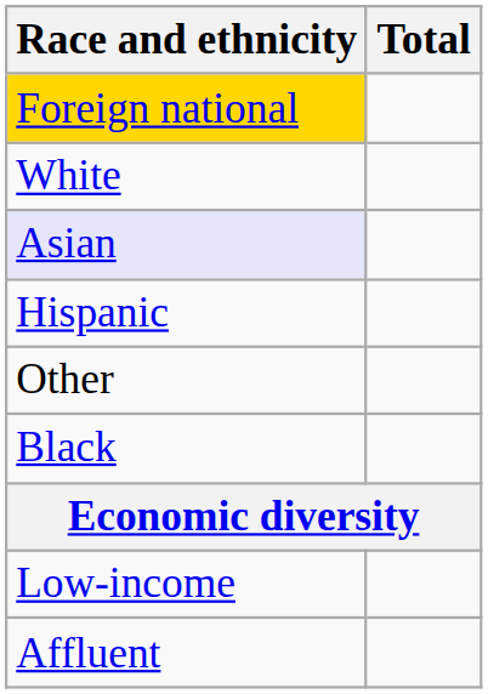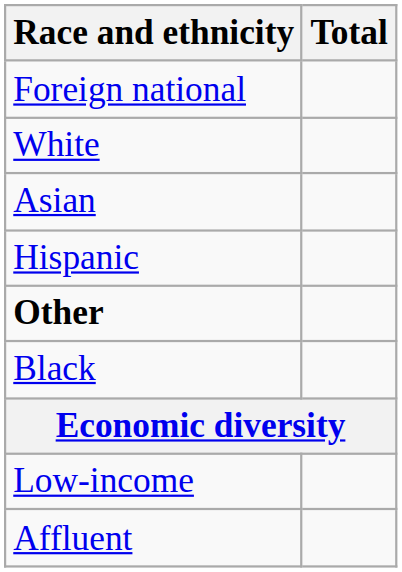 <table class="wikitable floatright sortable collapsible"; text-align:right; font-size:80%;">
 <tr>
 <th>Race and ethnicity</th>
 <th colspan="2" data-sort-type=number>Total</th>
 </tr>
 <tr>
-<td style="background: gold;"><a href='#'>Foreign national</a></td>
+<td><a href='#'>Foreign national</a></td>
 <td align=right></td>
 </tr>
 <tr>
 <td><a href='#'>White</a></td>
 <td align=right></td>
 </tr>
 <tr>
-<td style="background: lavender;"><a href='#'>Asian</a></td>
+<td><a href='#'>Asian</a></td>
 <td align=right></td>
 </tr>
 <tr>
 <td><a href='#'>Hispanic</a></td>
 <td align=right></td>
 </tr>
 <tr>
-<td>Other</td>
+<td><strong>Other</strong></td>
 <td align=right></td>
 </tr>
 <tr>
 <td><a href='#'>Black</a></td>
 <td align=right></td>
 </tr>
 <tr>
 <th colspan="4" data-sort-type=number><a href='#'>Economic diversity</a></th>
 </tr>
 <tr>
 <td><a href='#'>Low-income</a></td>
 <td align=right></td>
 </tr>
 <tr>
 <td><a href='#'>Affluent</a></td>
 <td align=right></td>
 </tr>
 </table>
